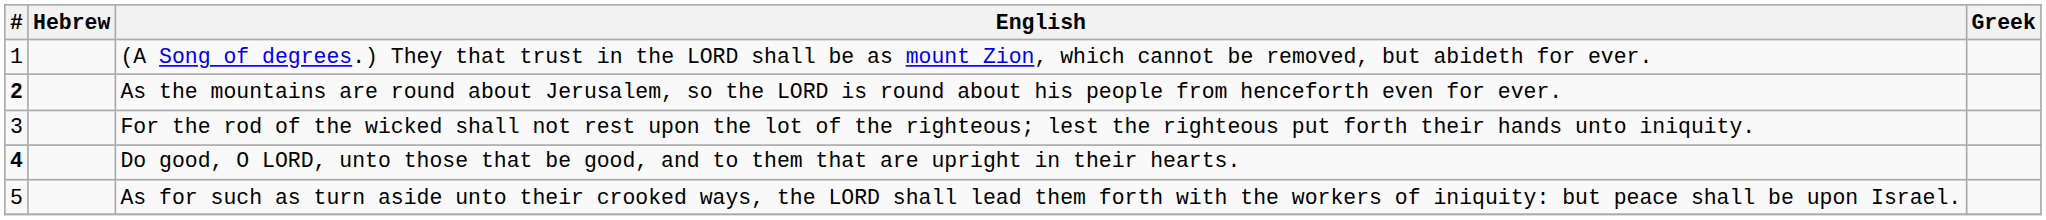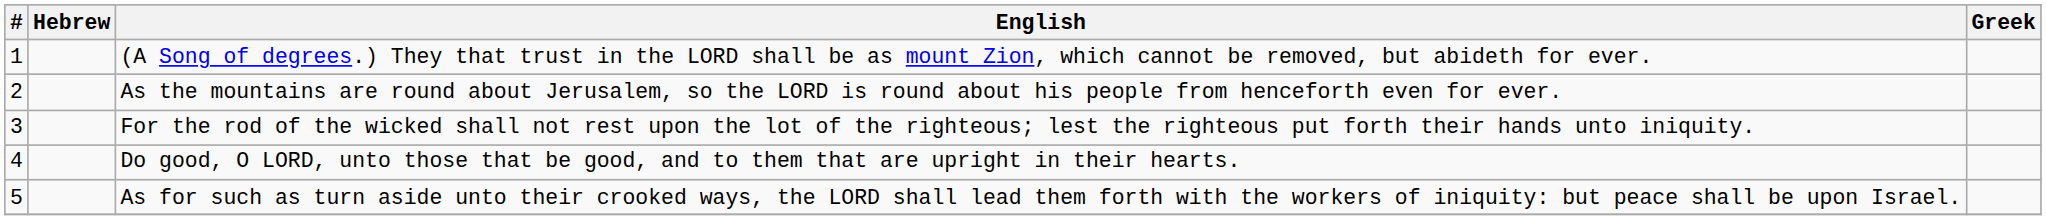 <table class=wikitable>
 <tr>
 <th>#</th>
 <th>Hebrew</th>
 <th>English</th>
 <th>Greek</th>
 </tr>
 <tr>
 <td style="text-align:right">1</td>
 <td style="text-align:right"></td>
 <td>(A <a href='#'>Song of degrees</a>.) They that trust in the LORD shall be as <a href='#'>mount Zion</a>, which cannot be removed, but abideth for ever.</td>
 <td></td>
 </tr>
 <tr>
-<td style="text-align:right"><strong>2</strong></td>
+<td style="text-align:right">2</td>
 <td style="text-align:right"></td>
 <td>As the mountains are round about Jerusalem, so the LORD is round about his people from henceforth even for ever.</td>
 <td></td>
 </tr>
 <tr>
 <td style="text-align:right">3</td>
 <td style="text-align:right"></td>
 <td>For the rod of the wicked shall not rest upon the lot of the righteous; lest the righteous put forth their hands unto iniquity.</td>
 <td></td>
 </tr>
 <tr>
-<td style="text-align:right"><strong>4</strong></td>
+<td style="text-align:right">4</td>
 <td style="text-align:right"></td>
 <td>Do good, O LORD, unto those that be good, and to them that are upright in their hearts.</td>
 <td></td>
 </tr>
 <tr>
 <td style="text-align:right">5</td>
 <td style="text-align:right"></td>
 <td>As for such as turn aside unto their crooked ways, the LORD shall lead them forth with the workers of iniquity: but peace shall be upon Israel.</td>
 <td></td>
 </tr>
 <tr>
 </tr>
 </table>
